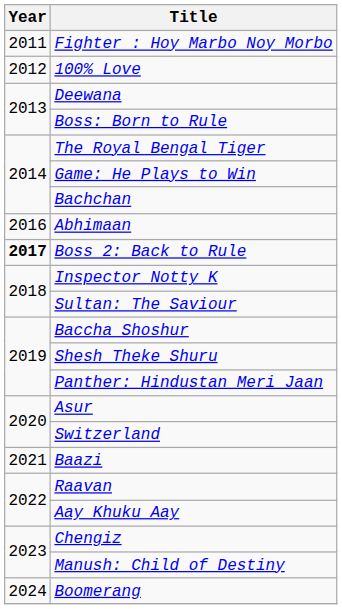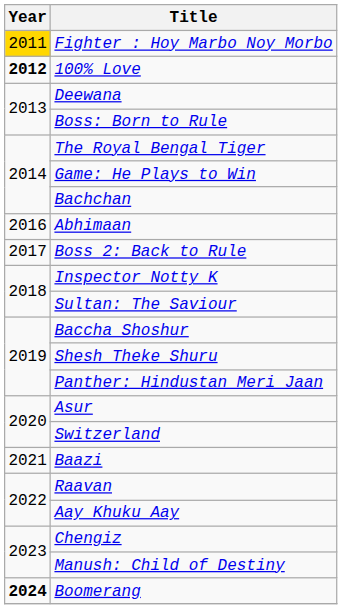 <table class="wikitable">
 <tr>
 <th scope="col">Year</th>
 <th scope="col">Title</th>
 </tr>
 <tr>
-<td>2011</td>
+<td style="background: gold;">2011</td>
 <td><a href='#'><em>Fighter : Hoy Marbo Noy Morbo</em></a></td>
 </tr>
 <tr>
-<td>2012</td>
+<td><strong>2012</strong></td>
 <td><a href='#'><em>100% Love</em></a></td>
 </tr>
 <tr>
 <td rowspan="2">2013</td>
 <td><a href='#'><em>Deewana</em></a></td>
 </tr>
 <tr>
 <td><a href='#'><em>Boss: Born to Rule</em></a></td>
 </tr>
 <tr>
 <td rowspan="3">2014</td>
 <td><a href='#'><em>The Royal Bengal Tiger</em></a></td>
 </tr>
 <tr>
 <td><a href='#'><em>Game: He Plays to Win</em></a></td>
 </tr>
 <tr>
 <td><a href='#'><em>Bachchan</em></a></td>
 </tr>
 <tr>
 <td>2016</td>
 <td><a href='#'><em>Abhimaan</em></a></td>
 </tr>
 <tr>
-<td><strong>2017</strong></td>
+<td>2017</td>
 <td><em><a href='#'>Boss 2: Back to Rule</a></em></td>
 </tr>
 <tr>
 <td rowspan="2">2018</td>
 <td><em><a href='#'>Inspector Notty K</a></em></td>
 </tr>
 <tr>
 <td><em><a href='#'>Sultan: The Saviour</a></em></td>
 </tr>
 <tr>
 <td rowspan="3">2019</td>
 <td><em><a href='#'>Baccha Shoshur</a></em></td>
 </tr>
 <tr>
 <td><em><a href='#'>Shesh Theke Shuru</a></em></td>
 </tr>
 <tr>
 <td><em><a href='#'>Panther: Hindustan Meri Jaan</a></em></td>
 </tr>
 <tr>
 <td rowspan="2">2020</td>
 <td><a href='#'><em>Asur</em></a></td>
 </tr>
 <tr>
 <td><a href='#'><em>Switzerland</em></a></td>
 </tr>
 <tr>
 <td>2021</td>
 <td><a href='#'><em>Baazi</em></a></td>
 </tr>
 <tr>
 <td rowspan="2">2022</td>
 <td><a href='#'><em>Raavan</em></a></td>
 </tr>
 <tr>
 <td><em><a href='#'>Aay Khuku Aay</a></em></td>
 </tr>
 <tr>
 <td rowspan="2">2023</td>
 <td><em><a href='#'>Chengiz</a></em></td>
 </tr>
 <tr>
 <td><em><a href='#'>Manush: Child of Destiny</a></em></td>
 </tr>
 <tr>
-<td>2024</td>
+<td><strong>2024</strong></td>
 <td><em><a href='#'>Boomerang</a></em></td>
 </tr>
 <tr>
 </tr>
 </table>
